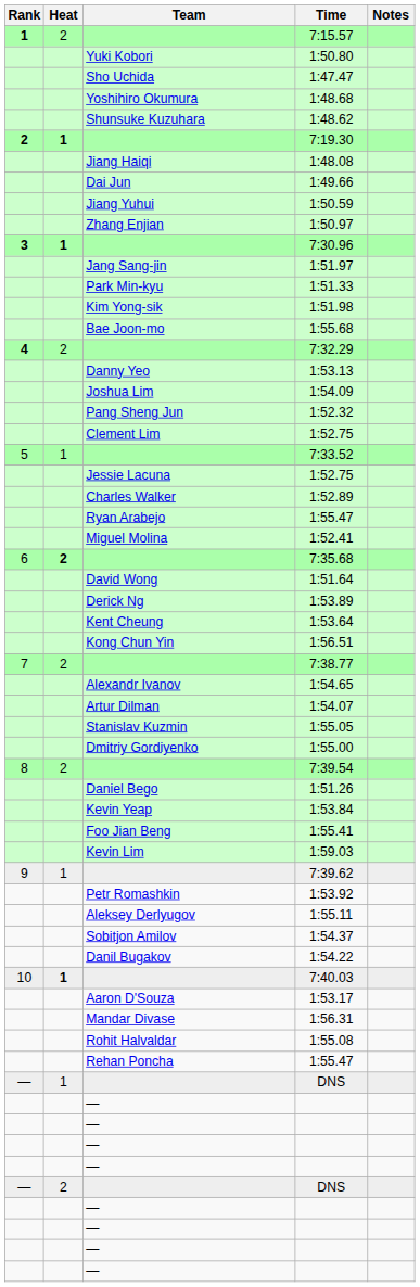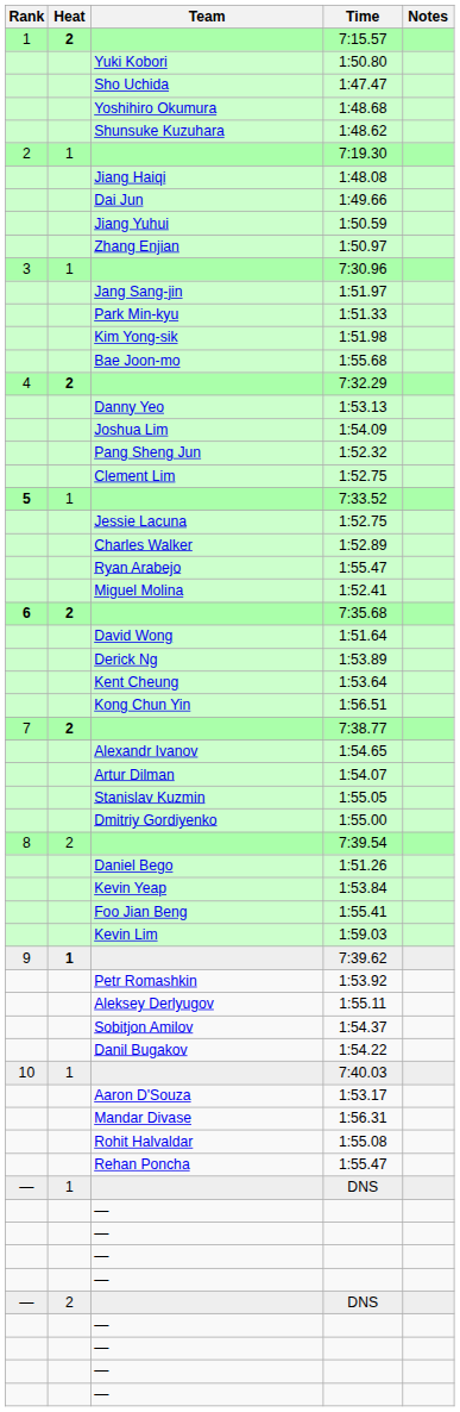 <table class="wikitable" style="text-align:center">
 <tr>
 <th width=40>Rank</th>
 <th width=40>Heat</th>
 <th width=250>Team</th>
 <th width=80>Time</th>
 <th width=50>Notes</th>
 </tr>
 <tr bgcolor="aaffaa">
-<td><strong>1</strong></td>
-<td>2</td>
+<td>1</td>
+<td><strong>2</strong></td>
 <td align=left></td>
 <td>7:15.57</td>
 <td></td>
 </tr>
 <tr bgcolor="ccffcc">
 <td></td>
 <td></td>
 <td align=left><a href='#'>Yuki Kobori</a></td>
 <td>1:50.80</td>
 <td></td>
 </tr>
 <tr bgcolor="ccffcc">
 <td></td>
 <td></td>
 <td align=left><a href='#'>Sho Uchida</a></td>
 <td>1:47.47</td>
 <td></td>
 </tr>
 <tr bgcolor="ccffcc">
 <td></td>
 <td></td>
 <td align=left><a href='#'>Yoshihiro Okumura</a></td>
 <td>1:48.68</td>
 <td></td>
 </tr>
 <tr bgcolor="ccffcc">
 <td></td>
 <td></td>
 <td align=left><a href='#'>Shunsuke Kuzuhara</a></td>
 <td>1:48.62</td>
 <td></td>
 </tr>
 <tr bgcolor="aaffaa">
-<td><strong>2</strong></td>
-<td><strong>1</strong></td>
+<td>2</td>
+<td>1</td>
 <td align=left></td>
 <td>7:19.30</td>
 <td></td>
 </tr>
 <tr bgcolor="ccffcc">
 <td></td>
 <td></td>
 <td align=left><a href='#'>Jiang Haiqi</a></td>
 <td>1:48.08</td>
 <td></td>
 </tr>
 <tr bgcolor="ccffcc">
 <td></td>
 <td></td>
 <td align=left><a href='#'>Dai Jun</a></td>
 <td>1:49.66</td>
 <td></td>
 </tr>
 <tr bgcolor="ccffcc">
 <td></td>
 <td></td>
 <td align=left><a href='#'>Jiang Yuhui</a></td>
 <td>1:50.59</td>
 <td></td>
 </tr>
 <tr bgcolor="ccffcc">
 <td></td>
 <td></td>
 <td align=left><a href='#'>Zhang Enjian</a></td>
 <td>1:50.97</td>
 <td></td>
 </tr>
 <tr bgcolor="aaffaa">
-<td><strong>3</strong></td>
-<td><strong>1</strong></td>
+<td>3</td>
+<td>1</td>
 <td align=left></td>
 <td>7:30.96</td>
 <td></td>
 </tr>
 <tr bgcolor="ccffcc">
 <td></td>
 <td></td>
 <td align=left><a href='#'>Jang Sang-jin</a></td>
 <td>1:51.97</td>
 <td></td>
 </tr>
 <tr bgcolor="ccffcc">
 <td></td>
 <td></td>
 <td align=left><a href='#'>Park Min-kyu</a></td>
 <td>1:51.33</td>
 <td></td>
 </tr>
 <tr bgcolor="ccffcc">
 <td></td>
 <td></td>
 <td align=left><a href='#'>Kim Yong-sik</a></td>
 <td>1:51.98</td>
 <td></td>
 </tr>
 <tr bgcolor="ccffcc">
 <td></td>
 <td></td>
 <td align=left><a href='#'>Bae Joon-mo</a></td>
 <td>1:55.68</td>
 <td></td>
 </tr>
 <tr bgcolor="aaffaa">
-<td><strong>4</strong></td>
-<td>2</td>
+<td>4</td>
+<td><strong>2</strong></td>
 <td align=left></td>
 <td>7:32.29</td>
 <td></td>
 </tr>
 <tr bgcolor="ccffcc">
 <td></td>
 <td></td>
 <td align=left><a href='#'>Danny Yeo</a></td>
 <td>1:53.13</td>
 <td></td>
 </tr>
 <tr bgcolor="ccffcc">
 <td></td>
 <td></td>
 <td align=left><a href='#'>Joshua Lim</a></td>
 <td>1:54.09</td>
 <td></td>
 </tr>
 <tr bgcolor="ccffcc">
 <td></td>
 <td></td>
 <td align=left><a href='#'>Pang Sheng Jun</a></td>
 <td>1:52.32</td>
 <td></td>
 </tr>
 <tr bgcolor="ccffcc">
 <td></td>
 <td></td>
 <td align=left><a href='#'>Clement Lim</a></td>
 <td>1:52.75</td>
 <td></td>
 </tr>
 <tr bgcolor="aaffaa">
-<td>5</td>
+<td><strong>5</strong></td>
 <td>1</td>
 <td align=left></td>
 <td>7:33.52</td>
 <td></td>
 </tr>
 <tr bgcolor="ccffcc">
 <td></td>
 <td></td>
 <td align=left><a href='#'>Jessie Lacuna</a></td>
 <td>1:52.75</td>
 <td></td>
 </tr>
 <tr bgcolor="ccffcc">
 <td></td>
 <td></td>
 <td align=left><a href='#'>Charles Walker</a></td>
 <td>1:52.89</td>
 <td></td>
 </tr>
 <tr bgcolor="ccffcc">
 <td></td>
 <td></td>
 <td align=left><a href='#'>Ryan Arabejo</a></td>
 <td>1:55.47</td>
 <td></td>
 </tr>
 <tr bgcolor="ccffcc">
 <td></td>
 <td></td>
 <td align=left><a href='#'>Miguel Molina</a></td>
 <td>1:52.41</td>
 <td></td>
 </tr>
 <tr bgcolor="aaffaa">
-<td>6</td>
+<td><strong>6</strong></td>
 <td><strong>2</strong></td>
 <td align=left></td>
 <td>7:35.68</td>
 <td></td>
 </tr>
 <tr bgcolor="ccffcc">
 <td></td>
 <td></td>
 <td align=left><a href='#'>David Wong</a></td>
 <td>1:51.64</td>
 <td></td>
 </tr>
 <tr bgcolor="ccffcc">
 <td></td>
 <td></td>
 <td align=left><a href='#'>Derick Ng</a></td>
 <td>1:53.89</td>
 <td></td>
 </tr>
 <tr bgcolor="ccffcc">
 <td></td>
 <td></td>
 <td align=left><a href='#'>Kent Cheung</a></td>
 <td>1:53.64</td>
 <td></td>
 </tr>
 <tr bgcolor="ccffcc">
 <td></td>
 <td></td>
 <td align=left><a href='#'>Kong Chun Yin</a></td>
 <td>1:56.51</td>
 <td></td>
 </tr>
 <tr bgcolor="aaffaa">
 <td>7</td>
-<td>2</td>
+<td><strong>2</strong></td>
 <td align=left></td>
 <td>7:38.77</td>
 <td></td>
 </tr>
 <tr bgcolor="ccffcc">
 <td></td>
 <td></td>
 <td align=left><a href='#'>Alexandr Ivanov</a></td>
 <td>1:54.65</td>
 <td></td>
 </tr>
 <tr bgcolor="ccffcc">
 <td></td>
 <td></td>
 <td align=left><a href='#'>Artur Dilman</a></td>
 <td>1:54.07</td>
 <td></td>
 </tr>
 <tr bgcolor="ccffcc">
 <td></td>
 <td></td>
 <td align=left><a href='#'>Stanislav Kuzmin</a></td>
 <td>1:55.05</td>
 <td></td>
 </tr>
 <tr bgcolor="ccffcc">
 <td></td>
 <td></td>
 <td align=left><a href='#'>Dmitriy Gordiyenko</a></td>
 <td>1:55.00</td>
 <td></td>
 </tr>
 <tr bgcolor="aaffaa">
 <td>8</td>
 <td>2</td>
 <td align=left></td>
 <td>7:39.54</td>
 <td></td>
 </tr>
 <tr bgcolor="ccffcc">
 <td></td>
 <td></td>
 <td align=left><a href='#'>Daniel Bego</a></td>
 <td>1:51.26</td>
 <td></td>
 </tr>
 <tr bgcolor="ccffcc">
 <td></td>
 <td></td>
 <td align=left><a href='#'>Kevin Yeap</a></td>
 <td>1:53.84</td>
 <td></td>
 </tr>
 <tr bgcolor="ccffcc">
 <td></td>
 <td></td>
 <td align=left><a href='#'>Foo Jian Beng</a></td>
 <td>1:55.41</td>
 <td></td>
 </tr>
 <tr bgcolor="ccffcc">
 <td></td>
 <td></td>
 <td align=left><a href='#'>Kevin Lim</a></td>
 <td>1:59.03</td>
 <td></td>
 </tr>
 <tr bgcolor=eeeeee>
 <td>9</td>
-<td>1</td>
+<td><strong>1</strong></td>
 <td align=left></td>
 <td>7:39.62</td>
 <td></td>
 </tr>
 <tr>
 <td></td>
 <td></td>
 <td align=left><a href='#'>Petr Romashkin</a></td>
 <td>1:53.92</td>
 <td></td>
 </tr>
 <tr>
 <td></td>
 <td></td>
 <td align=left><a href='#'>Aleksey Derlyugov</a></td>
 <td>1:55.11</td>
 <td></td>
 </tr>
 <tr>
 <td></td>
 <td></td>
 <td align=left><a href='#'>Sobitjon Amilov</a></td>
 <td>1:54.37</td>
 <td></td>
 </tr>
 <tr>
 <td></td>
 <td></td>
 <td align=left><a href='#'>Danil Bugakov</a></td>
 <td>1:54.22</td>
 <td></td>
 </tr>
 <tr bgcolor=eeeeee>
 <td>10</td>
-<td><strong>1</strong></td>
+<td>1</td>
 <td align=left></td>
 <td>7:40.03</td>
 <td></td>
 </tr>
 <tr>
 <td></td>
 <td></td>
 <td align=left><a href='#'>Aaron D'Souza</a></td>
 <td>1:53.17</td>
 <td></td>
 </tr>
 <tr>
 <td></td>
 <td></td>
 <td align=left><a href='#'>Mandar Divase</a></td>
 <td>1:56.31</td>
 <td></td>
 </tr>
 <tr>
 <td></td>
 <td></td>
 <td align=left><a href='#'>Rohit Halvaldar</a></td>
 <td>1:55.08</td>
 <td></td>
 </tr>
 <tr>
 <td></td>
 <td></td>
 <td align=left><a href='#'>Rehan Poncha</a></td>
 <td>1:55.47</td>
 <td></td>
 </tr>
 <tr bgcolor=eeeeee>
 <td>—</td>
 <td>1</td>
 <td align=left></td>
 <td>DNS</td>
 <td></td>
 </tr>
 <tr>
 <td></td>
 <td></td>
 <td align=left>—</td>
 <td></td>
 <td></td>
 </tr>
 <tr>
 <td></td>
 <td></td>
 <td align=left>—</td>
 <td></td>
 <td></td>
 </tr>
 <tr>
 <td></td>
 <td></td>
 <td align=left>—</td>
 <td></td>
 <td></td>
 </tr>
 <tr>
 <td></td>
 <td></td>
 <td align=left>—</td>
 <td></td>
 <td></td>
 </tr>
 <tr bgcolor=eeeeee>
 <td>—</td>
 <td>2</td>
 <td align=left></td>
 <td>DNS</td>
 <td></td>
 </tr>
 <tr>
 <td></td>
 <td></td>
 <td align=left>—</td>
 <td></td>
 <td></td>
 </tr>
 <tr>
 <td></td>
 <td></td>
 <td align=left>—</td>
 <td></td>
 <td></td>
 </tr>
 <tr>
 <td></td>
 <td></td>
 <td align=left>—</td>
 <td></td>
 <td></td>
 </tr>
 <tr>
 <td></td>
 <td></td>
 <td align=left>—</td>
 <td></td>
 <td></td>
 </tr>
 </table>
